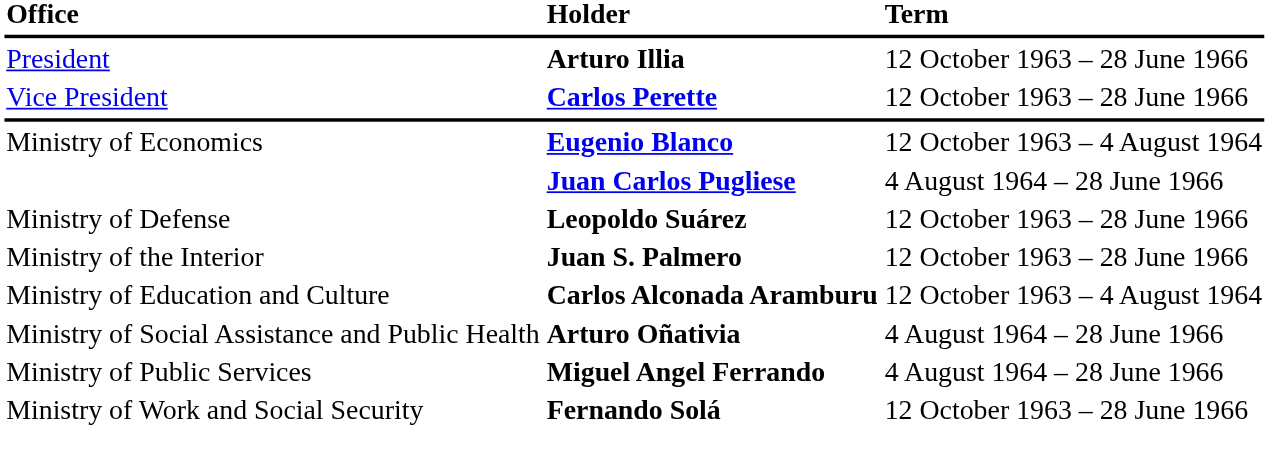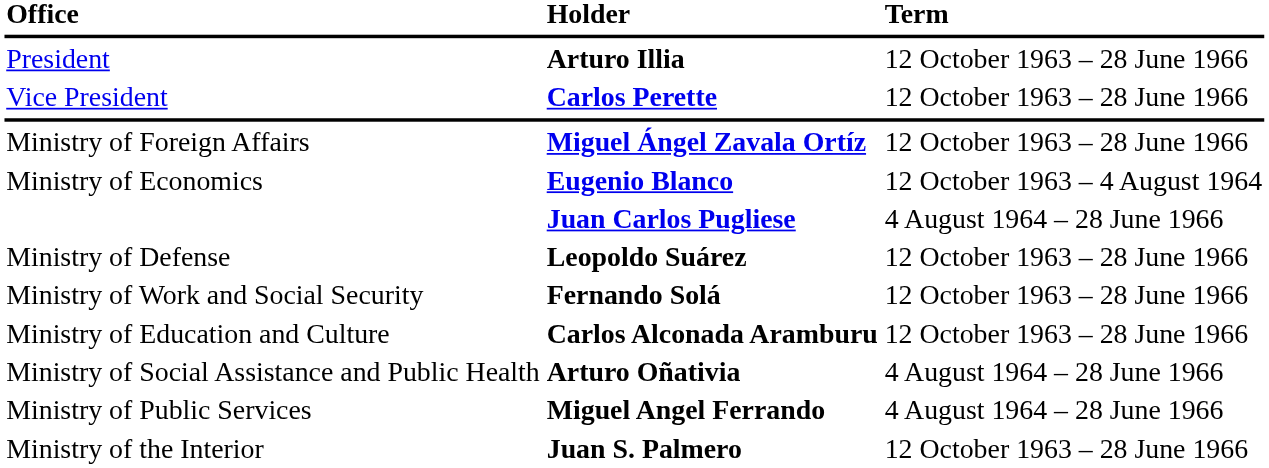 <table ! style="colspan:3">
 <tr>
 <td></td>
 </tr>
 <tr>
 <td align="left"><strong>Office</strong></td>
 <td align="left"><strong>Holder</strong></td>
 <td align="left"><strong>Term</strong></td>
 </tr>
 <tr>
 <th colspan="3" style="background: #000000"></th>
 </tr>
 <tr>
 <td><a href='#'>President</a></td>
 <td><strong>Arturo Illia</strong></td>
 <td>12 October 1963 – 28 June 1966</td>
 </tr>
 <tr>
 <td><a href='#'>Vice President</a></td>
 <td><strong><a href='#'>Carlos Perette</a></strong></td>
 <td>12 October 1963 – 28 June 1966</td>
 </tr>
 <tr>
 <th colspan="3" style="background: #000000"></th>
 </tr>
 <tr>
+<td>Ministry of Foreign Affairs</td>
+<td><strong><a href='#'>Miguel Ángel Zavala Ortíz</a></strong></td>
+<td>12 October 1963 – 28 June 1966</td>
+</tr>
+<tr>
 <td>Ministry of Economics</td>
 <td><strong><a href='#'>Eugenio Blanco</a></strong></td>
 <td>12 October 1963 – 4 August 1964</td>
 </tr>
 <tr>
 <td></td>
 <td><strong><a href='#'>Juan Carlos Pugliese</a></strong></td>
 <td>4 August 1964 – 28 June 1966</td>
 </tr>
 <tr>
 <td>Ministry of Defense</td>
 <td><strong>Leopoldo Suárez</strong></td>
 <td>12 October 1963 – 28 June 1966</td>
 </tr>
 <tr>
-<td>Ministry of the Interior</td>
-<td><strong>Juan S. Palmero</strong></td>
+<td>Ministry of Work and Social Security</td>
+<td><strong>Fernando Solá</strong></td>
 <td>12 October 1963 – 28 June 1966</td>
 </tr>
 <tr>
 <td>Ministry of Education and Culture</td>
 <td><strong>Carlos Alconada Aramburu</strong></td>
-<td>12 October 1963 – 4 August 1964</td>
+<td>12 October 1963 – 28 June 1966</td>
 </tr>
 <tr>
 <td>Ministry of Social Assistance and Public Health</td>
 <td><strong>Arturo Oñativia</strong></td>
 <td>4 August 1964 – 28 June 1966</td>
 </tr>
 <tr>
 <td>Ministry of Public Services</td>
 <td><strong>Miguel Angel Ferrando</strong></td>
 <td>4 August 1964 – 28 June 1966</td>
 </tr>
 <tr>
-<td>Ministry of Work and Social Security</td>
-<td><strong>Fernando Solá</strong></td>
+<td>Ministry of the Interior</td>
+<td><strong>Juan S. Palmero</strong></td>
 <td>12 October 1963 – 28 June 1966</td>
 </tr>
 </table>
